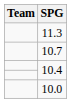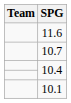 <table class=wikitable>
 <tr>
 <th>Team</th>
 <th>SPG</th>
 </tr>
 <tr>
 <td></td>
-<td align=center>11.3</td>
+<td align=center>11.6</td>
 </tr>
 <tr>
 <td></td>
 <td align=center>10.7</td>
 </tr>
 <tr>
 <td></td>
 <td align=center rowspan=2>10.4</td>
 </tr>
 <tr>
 <td></td>
 </tr>
 <tr>
 <td></td>
-<td align=center>10.0</td>
+<td align=center>10.1</td>
 </tr>
 </table>
